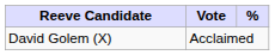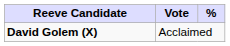 <table class="wikitable">
 <tr>
 <th style="background:#ddf; width:200px;">Reeve Candidate</th>
 <th style="background:#ddf; width:50px;">Vote</th>
 <th style="background:#ddf; width:30px;">%</th>
 </tr>
 <tr>
-<td>David Golem (X)</td>
+<td><strong>David Golem (X)</strong></td>
 <td colspan="2">Acclaimed</td>
 </tr>
 </table>
